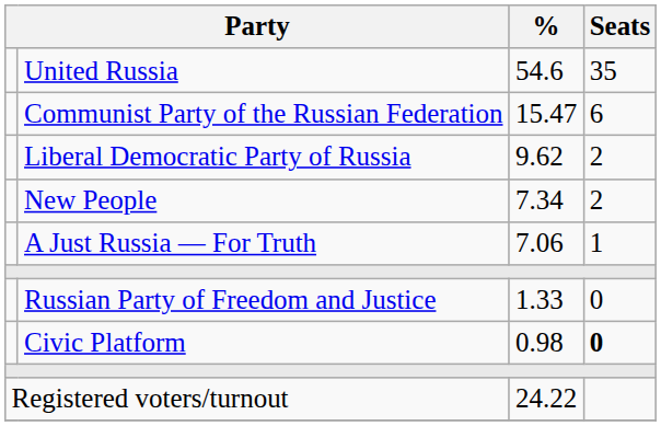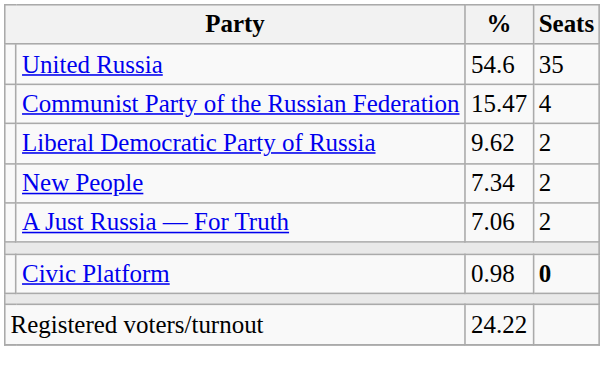 <table class="wikitable">
 <tr>
 <th colspan=2>Party</th>
 <th>%</th>
 <th>Seats</th>
 </tr>
 <tr>
 <td style="background:"></td>
 <td><a href='#'>United Russia</a></td>
 <td>54.6</td>
 <td>35</td>
 </tr>
 <tr>
 <td style="background:"></td>
 <td><a href='#'>Communist Party of the Russian Federation</a></td>
 <td>15.47</td>
-<td>6</td>
+<td>4</td>
 </tr>
 <tr>
 <td style="background:"></td>
 <td><a href='#'>Liberal Democratic Party of Russia</a></td>
 <td>9.62</td>
 <td>2</td>
 </tr>
 <tr>
 <td style="background:"></td>
 <td><a href='#'>New People</a></td>
 <td>7.34</td>
 <td>2</td>
 </tr>
 <tr>
 <td style="background:"></td>
 <td><a href='#'>A Just Russia — For Truth</a></td>
 <td>7.06</td>
-<td>1</td>
+<td>2</td>
 </tr>
 <tr>
 <td colspan=4 style="background:#E9E9E9;"></td>
-</tr>
-<tr>
-<td style="background:"></td>
-<td><a href='#'>Russian Party of Freedom and Justice</a></td>
-<td>1.33</td>
-<td>0</td>
 </tr>
 <tr>
 <td style="background:"></td>
 <td><a href='#'>Civic Platform</a></td>
 <td>0.98</td>
 <td><strong>0</strong></td>
 </tr>
 <tr>
 <td colspan=4 style="background:#E9E9E9;"></td>
 </tr>
 <tr>
 <td align=left colspan=2>Registered voters/turnout</td>
 <td>24.22</td>
 <td></td>
 </tr>
 <tr>
 </tr>
 </table>
